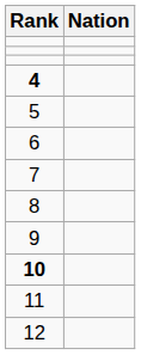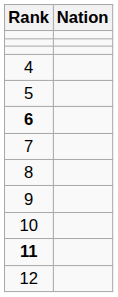 <table class="wikitable" style="text-align:center">
 <tr>
 <th>Rank</th>
 <th>Nation</th>
 </tr>
 <tr>
 <td></td>
 <td align="left"></td>
 </tr>
 <tr>
 <td></td>
 <td align="left"></td>
 </tr>
 <tr>
 <td></td>
 <td align="left"></td>
 </tr>
 <tr>
-<td><strong>4</strong></td>
+<td>4</td>
 <td align="left"></td>
 </tr>
 <tr>
 <td>5</td>
 <td align="left"></td>
 </tr>
 <tr>
-<td>6</td>
+<td><strong>6</strong></td>
 <td align="left"></td>
 </tr>
 <tr>
 <td>7</td>
 <td align="left"></td>
 </tr>
 <tr>
 <td>8</td>
 <td align="left"></td>
 </tr>
 <tr>
 <td>9</td>
 <td align="left"></td>
 </tr>
 <tr>
-<td><strong>10</strong></td>
+<td>10</td>
 <td align="left"></td>
 </tr>
 <tr>
-<td>11</td>
+<td><strong>11</strong></td>
 <td align="left"></td>
 </tr>
 <tr>
 <td>12</td>
 <td align="left"></td>
 </tr>
 </table>
